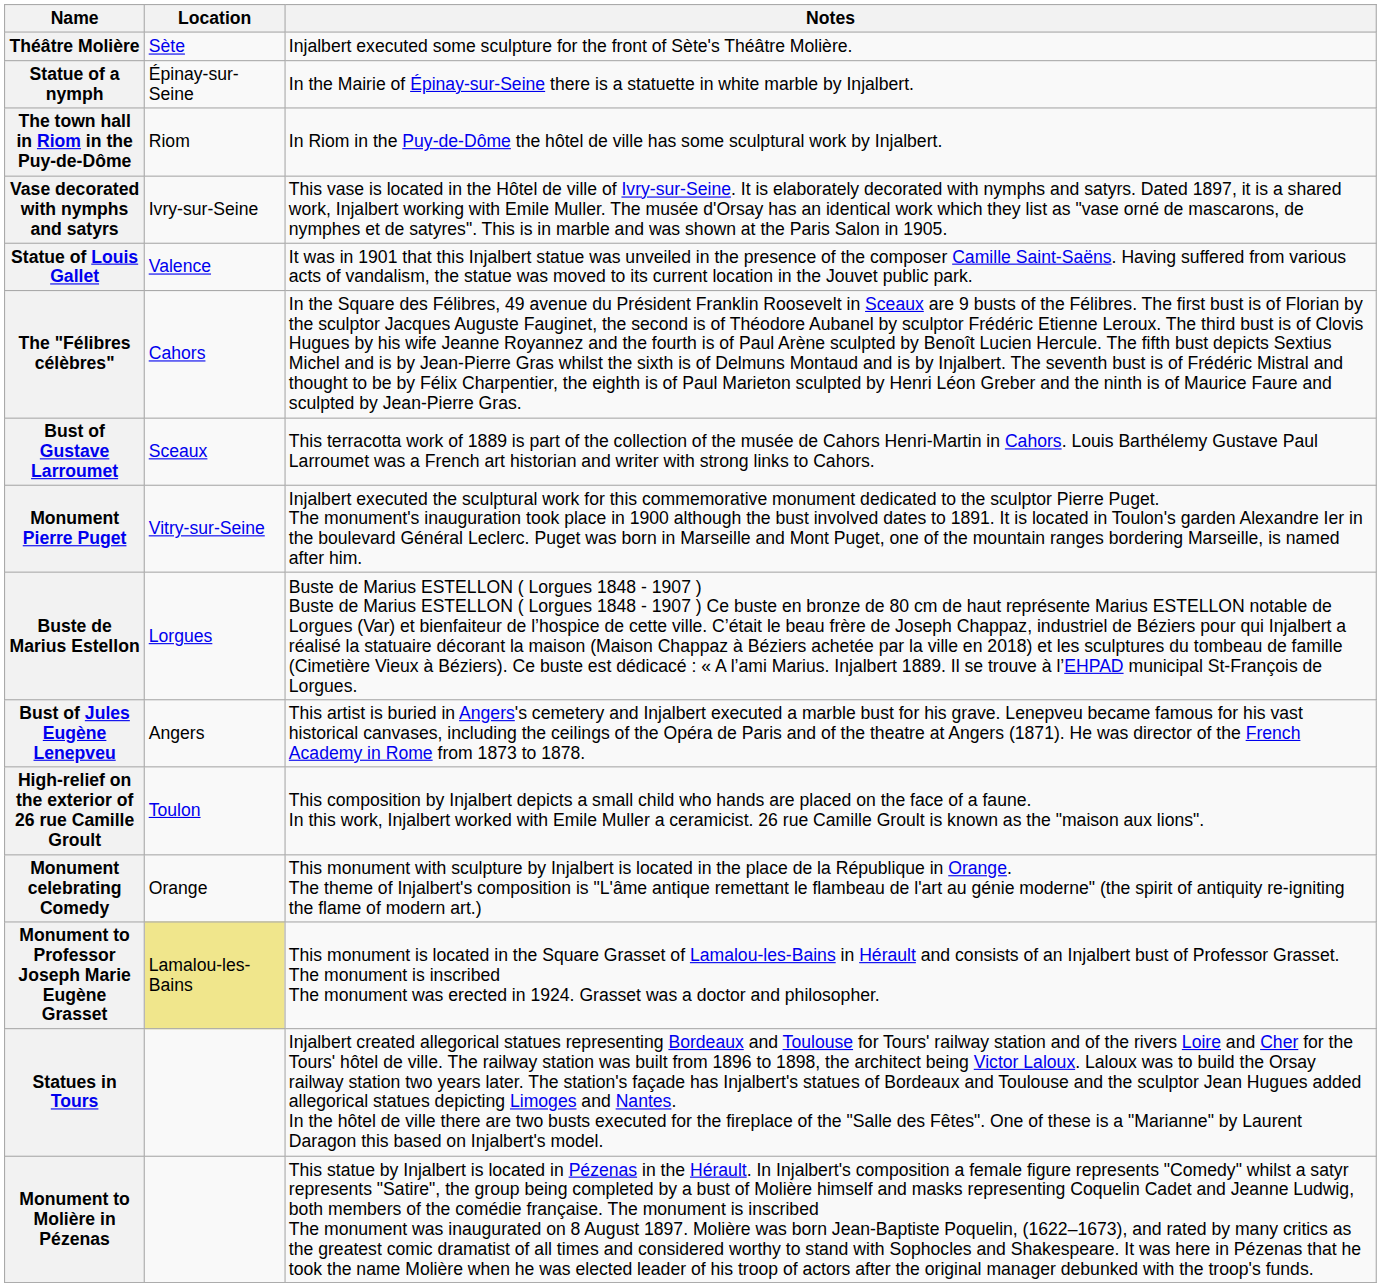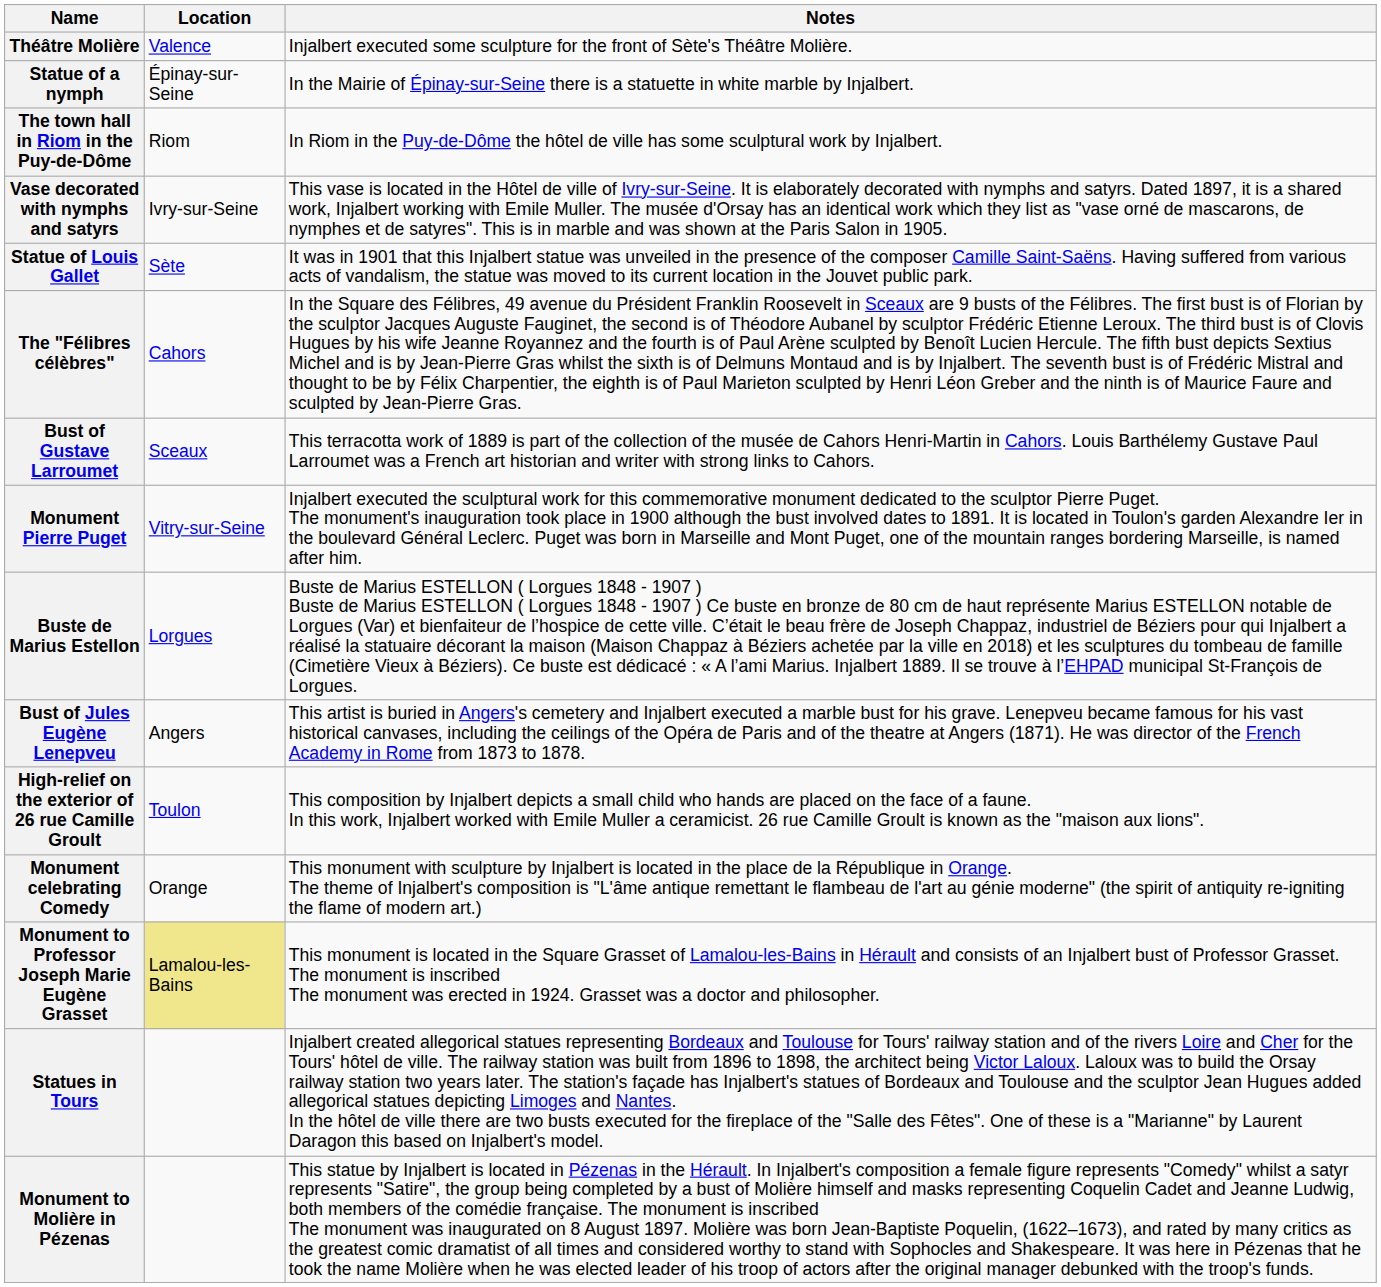 <table class="wikitable sortable plainrowheaders">
 <tr>
 <th scope="col" style="width:120px">Name</th>
 <th scope="col" style="width:120px">Location</th>
 <th scope="col" class="unsortable">Notes</th>
 </tr>
 <tr>
 <th scope="row">Théâtre Molière</th>
-<td><a href='#'>Sète</a><br></td>
+<td><a href='#'>Valence</a><br></td>
 <td>Injalbert executed some sculpture for the front of Sète's Théâtre Molière.</td>
 </tr>
 <tr>
 <th scope="row">Statue of a nymph</th>
 <td>Épinay-sur-Seine<br></td>
 <td>In the Mairie of <a href='#'>Épinay-sur-Seine</a> there is a statuette in white marble by Injalbert.<br></td>
 </tr>
 <tr>
 <th scope="row">The town hall in <a href='#'>Riom</a> in the Puy-de-Dôme</th>
 <td>Riom<br></td>
 <td>In Riom in the <a href='#'>Puy-de-Dôme</a> the hôtel de ville has some sculptural work by Injalbert.<br></td>
 </tr>
 <tr>
 <th scope="row">Vase decorated with nymphs and satyrs</th>
 <td>Ivry-sur-Seine<br></td>
 <td>This vase is located in the Hôtel de ville of <a href='#'>Ivry-sur-Seine</a>.  It is elaborately decorated with nymphs and satyrs.  Dated 1897, it is a shared work, Injalbert working with Emile Muller.  The musée d'Orsay has an identical work which they list as "vase orné de mascarons, de nymphes et de satyres".  This is in marble and was shown at the Paris Salon in 1905.<br></td>
 </tr>
 <tr>
 <th scope="row">Statue of <a href='#'>Louis Gallet</a></th>
-<td><a href='#'>Valence</a><br></td>
+<td><a href='#'>Sète</a><br></td>
 <td>It was in 1901 that this Injalbert statue was unveiled in the presence of the composer <a href='#'>Camille Saint-Saëns</a>. Having suffered from various acts of vandalism, the statue was moved to its current location in the Jouvet public park.<br> </td>
 </tr>
 <tr>
 <th scope="row">The "Félibres célèbres"</th>
 <td><a href='#'>Cahors</a><br></td>
 <td>In the Square des Félibres, 49 avenue du Président Franklin Roosevelt in <a href='#'>Sceaux</a> are 9 busts of the Félibres.  The first bust is of Florian by the sculptor Jacques Auguste Fauginet, the second is of Théodore Aubanel by sculptor Frédéric Etienne Leroux. The third bust is of Clovis Hugues by his wife Jeanne Royannez and the fourth is of Paul Arène sculpted by Benoît Lucien Hercule. The fifth bust depicts Sextius Michel and is by Jean-Pierre Gras whilst the sixth is of Delmuns Montaud and is by Injalbert. The seventh bust is of Frédéric Mistral and thought to be by Félix Charpentier, the eighth is of Paul Marieton sculpted by Henri Léon Greber and the ninth is of Maurice Faure and sculpted by Jean-Pierre Gras.</td>
 </tr>
 <tr>
 <th scope="row">Bust of <a href='#'>Gustave Larroumet</a></th>
 <td><a href='#'>Sceaux</a><br></td>
 <td>This terracotta work of 1889 is part of the collection of the musée de Cahors Henri-Martin in <a href='#'>Cahors</a>. Louis Barthélemy Gustave Paul Larroumet was a French art historian and writer with strong links to Cahors.</td>
 </tr>
 <tr>
 <th scope="row">Monument <a href='#'>Pierre Puget</a></th>
 <td><a href='#'>Vitry-sur-Seine</a><br></td>
 <td>Injalbert executed the sculptural work for this commemorative monument dedicated to the sculptor Pierre Puget.<br>The monument's inauguration took place in 1900 although the bust involved dates to 1891. It is located in Toulon's garden Alexandre Ier in the boulevard Général Leclerc. Puget was born in Marseille and Mont Puget, one of the mountain ranges bordering Marseille, is named after him. </td>
 </tr>
 <tr>
 <th scope="row">Buste de Marius Estellon</th>
 <td><a href='#'>Lorgues</a></td>
 <td>Buste de Marius ESTELLON ( Lorgues 1848 - 1907 )<br>Buste de Marius ESTELLON ( Lorgues 1848 - 1907 ) Ce buste en bronze de 80 cm de haut représente Marius ESTELLON notable de Lorgues (Var) et bienfaiteur de l’hospice de cette ville. C’était le beau frère de Joseph Chappaz, industriel de Béziers pour qui Injalbert a réalisé la statuaire décorant la maison (Maison Chappaz à Béziers achetée par la ville en 2018) et les sculptures du tombeau de famille (Cimetière Vieux à Béziers). Ce buste est dédicacé : «  A l’ami Marius. Injalbert 1889. Il se trouve à l’<a href='#'>EHPAD</a> municipal St-François de Lorgues. </td>
 </tr>
 <tr>
 <th scope="row">Bust of <a href='#'>Jules Eugène Lenepveu</a></th>
 <td>Angers<br></td>
 <td>This artist is buried in <a href='#'>Angers</a>'s cemetery and Injalbert executed a marble bust for his grave. Lenepveu became famous for his vast historical canvases, including the ceilings of the Opéra de Paris and of the theatre at Angers (1871). He was director of the <a href='#'>French Academy in Rome</a> from 1873 to 1878.<br></td>
 </tr>
 <tr>
 <th scope="row">High-relief on the exterior of 26 rue Camille Groult</th>
 <td><a href='#'>Toulon</a></td>
 <td>This composition by Injalbert depicts a small child who hands are placed on the face of a faune.<br>In this work, Injalbert worked with Emile Muller a ceramicist. 26 rue Camille Groult is known as the "maison aux lions". </td>
 </tr>
 <tr>
 <th scope="row">Monument celebrating Comedy</th>
 <td>Orange<br></td>
 <td>This monument with sculpture by Injalbert is located in the place de la République in <a href='#'>Orange</a>.<br>The theme of Injalbert's composition is "L'âme antique remettant le flambeau de l'art au génie moderne"  (the spirit of antiquity re-igniting the flame of modern art.)</td>
 </tr>
 <tr>
 <th scope="row">Monument to Professor Joseph Marie Eugène Grasset</th>
 <td style="background: khaki;">Lamalou-les-Bains<br></td>
 <td>This monument is located in the Square Grasset of <a href='#'>Lamalou-les-Bains</a> in <a href='#'>Hérault</a> and consists of an Injalbert bust of Professor Grasset.  The monument is inscribed <br>The monument was erected in 1924. Grasset was a doctor and philosopher.</td>
 </tr>
 <tr>
 <th scope="row">Statues in <a href='#'>Tours</a></th>
 <td><br></td>
 <td>Injalbert created allegorical statues representing <a href='#'>Bordeaux</a> and <a href='#'>Toulouse</a> for Tours' railway station and of the rivers <a href='#'>Loire</a> and <a href='#'>Cher</a> for the Tours' hôtel de ville.  The railway station was built from 1896 to 1898, the architect being <a href='#'>Victor Laloux</a>.  Laloux was to build the Orsay railway station two years later. The station's façade has Injalbert's statues of Bordeaux and Toulouse and the sculptor Jean Hugues added allegorical statues depicting <a href='#'>Limoges</a> and <a href='#'>Nantes</a>.<br>  In the hôtel de ville there are two busts executed for the fireplace of the "Salle des Fêtes". One of these is a "Marianne" by Laurent Daragon this based on Injalbert's model. </td>
 </tr>
 <tr>
 <th scope="row">Monument to Molière in Pézenas</th>
 <td><br></td>
 <td>This statue by Injalbert is located in <a href='#'>Pézenas</a> in the <a href='#'>Hérault</a>. In Injalbert's composition a female figure represents "Comedy" whilst a satyr represents "Satire", the group being completed by a bust of Molière himself and masks representing Coquelin Cadet and Jeanne Ludwig, both members of the comédie française. The monument is inscribed <br>The monument was inaugurated on 8 August 1897.  Molière was born Jean-Baptiste Poquelin, (1622–1673), and rated by many critics as the greatest comic dramatist of all times and considered worthy to stand with Sophocles and Shakespeare. It was here in Pézenas that he took the name Molière when he was elected leader of his troop of actors after the original manager debunked with the troop's funds.   </td>
 </tr>
 <tr>
 </tr>
 </table>
